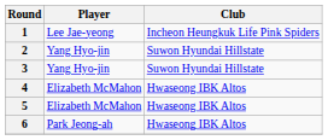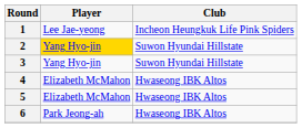 <table class=wikitable>
 <tr>
 <th>Round</th>
 <th>Player</th>
 <th>Club</th>
 </tr>
 <tr>
 <th>1</th>
 <td> <a href='#'>Lee Jae-yeong</a></td>
 <td><a href='#'>Incheon Heungkuk Life Pink Spiders</a></td>
 </tr>
 <tr>
 <th>2</th>
-<td> <a href='#'>Yang Hyo-jin</a></td>
+<td style="background: gold;"> <a href='#'>Yang Hyo-jin</a></td>
 <td><a href='#'>Suwon Hyundai Hillstate</a></td>
 </tr>
 <tr>
 <th>3</th>
 <td> <a href='#'>Yang Hyo-jin</a></td>
 <td><a href='#'>Suwon Hyundai Hillstate</a></td>
 </tr>
 <tr>
 <th>4</th>
 <td> <a href='#'>Elizabeth McMahon</a></td>
 <td><a href='#'>Hwaseong IBK Altos</a></td>
 </tr>
 <tr>
 <th>5</th>
 <td> <a href='#'>Elizabeth McMahon</a></td>
 <td><a href='#'>Hwaseong IBK Altos</a></td>
 </tr>
 <tr>
 <th>6</th>
 <td> <a href='#'>Park Jeong-ah</a></td>
 <td><a href='#'>Hwaseong IBK Altos</a></td>
 </tr>
 <tr>
 </tr>
 </table>
